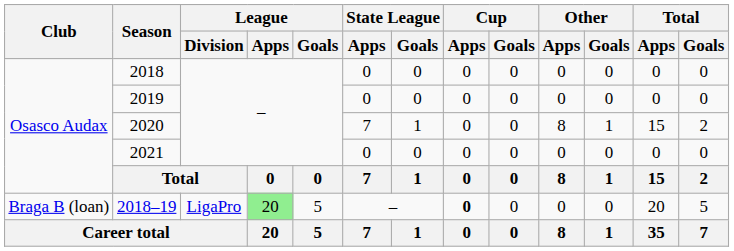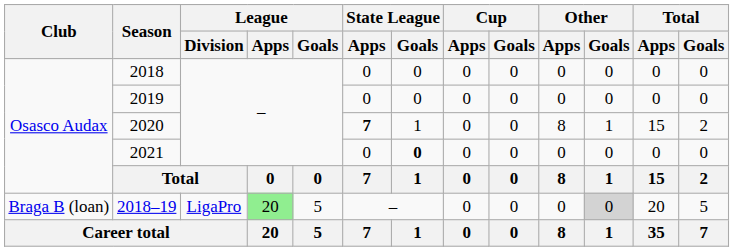 <table class="wikitable" style="text-align: center">
 <tr>
 <th rowspan="2">Club</th>
 <th rowspan="2">Season</th>
 <th colspan="3">League</th>
 <th colspan="2">State League</th>
 <th colspan="2">Cup</th>
 <th colspan="2">Other</th>
 <th colspan="2">Total</th>
 </tr>
 <tr>
 <th>Division</th>
 <th>Apps</th>
 <th>Goals</th>
 <th>Apps</th>
 <th>Goals</th>
 <th>Apps</th>
 <th>Goals</th>
 <th>Apps</th>
 <th>Goals</th>
 <th>Apps</th>
 <th>Goals</th>
 </tr>
 <tr>
 <td rowspan="5"><a href='#'>Osasco Audax</a></td>
 <td>2018</td>
 <td colspan="3" rowspan="4">–</td>
 <td>0</td>
 <td>0</td>
 <td>0</td>
 <td>0</td>
 <td>0</td>
 <td>0</td>
 <td>0</td>
 <td>0</td>
 </tr>
 <tr>
 <td>2019</td>
 <td>0</td>
 <td>0</td>
 <td>0</td>
 <td>0</td>
 <td>0</td>
 <td>0</td>
 <td>0</td>
 <td>0</td>
 </tr>
 <tr>
 <td>2020</td>
-<td>7</td>
+<td><strong>7</strong></td>
 <td>1</td>
 <td>0</td>
 <td>0</td>
 <td>8</td>
 <td>1</td>
 <td>15</td>
 <td>2</td>
 </tr>
 <tr>
 <td>2021</td>
 <td>0</td>
-<td>0</td>
+<td><strong>0</strong></td>
 <td>0</td>
 <td>0</td>
 <td>0</td>
 <td>0</td>
 <td>0</td>
 <td>0</td>
 </tr>
 <tr>
 <th colspan="2"><strong>Total</strong></th>
 <th>0</th>
 <th>0</th>
 <th>7</th>
 <th>1</th>
 <th>0</th>
 <th>0</th>
 <th>8</th>
 <th>1</th>
 <th>15</th>
 <th>2</th>
 </tr>
 <tr>
 <td><a href='#'>Braga B</a> (loan)</td>
 <td><a href='#'>2018–19</a></td>
 <td><a href='#'>LigaPro</a></td>
 <td style="background: lightgreen;">20</td>
 <td>5</td>
 <td colspan="2">–</td>
-<td><strong>0</strong></td>
 <td>0</td>
 <td>0</td>
 <td>0</td>
+<td style="background: lightgrey;">0</td>
 <td>20</td>
 <td>5</td>
 </tr>
 <tr>
 <th colspan="3"><strong>Career total</strong></th>
 <th>20</th>
 <th>5</th>
 <th>7</th>
 <th>1</th>
 <th>0</th>
 <th>0</th>
 <th>8</th>
 <th>1</th>
 <th>35</th>
 <th>7</th>
 </tr>
 </table>
